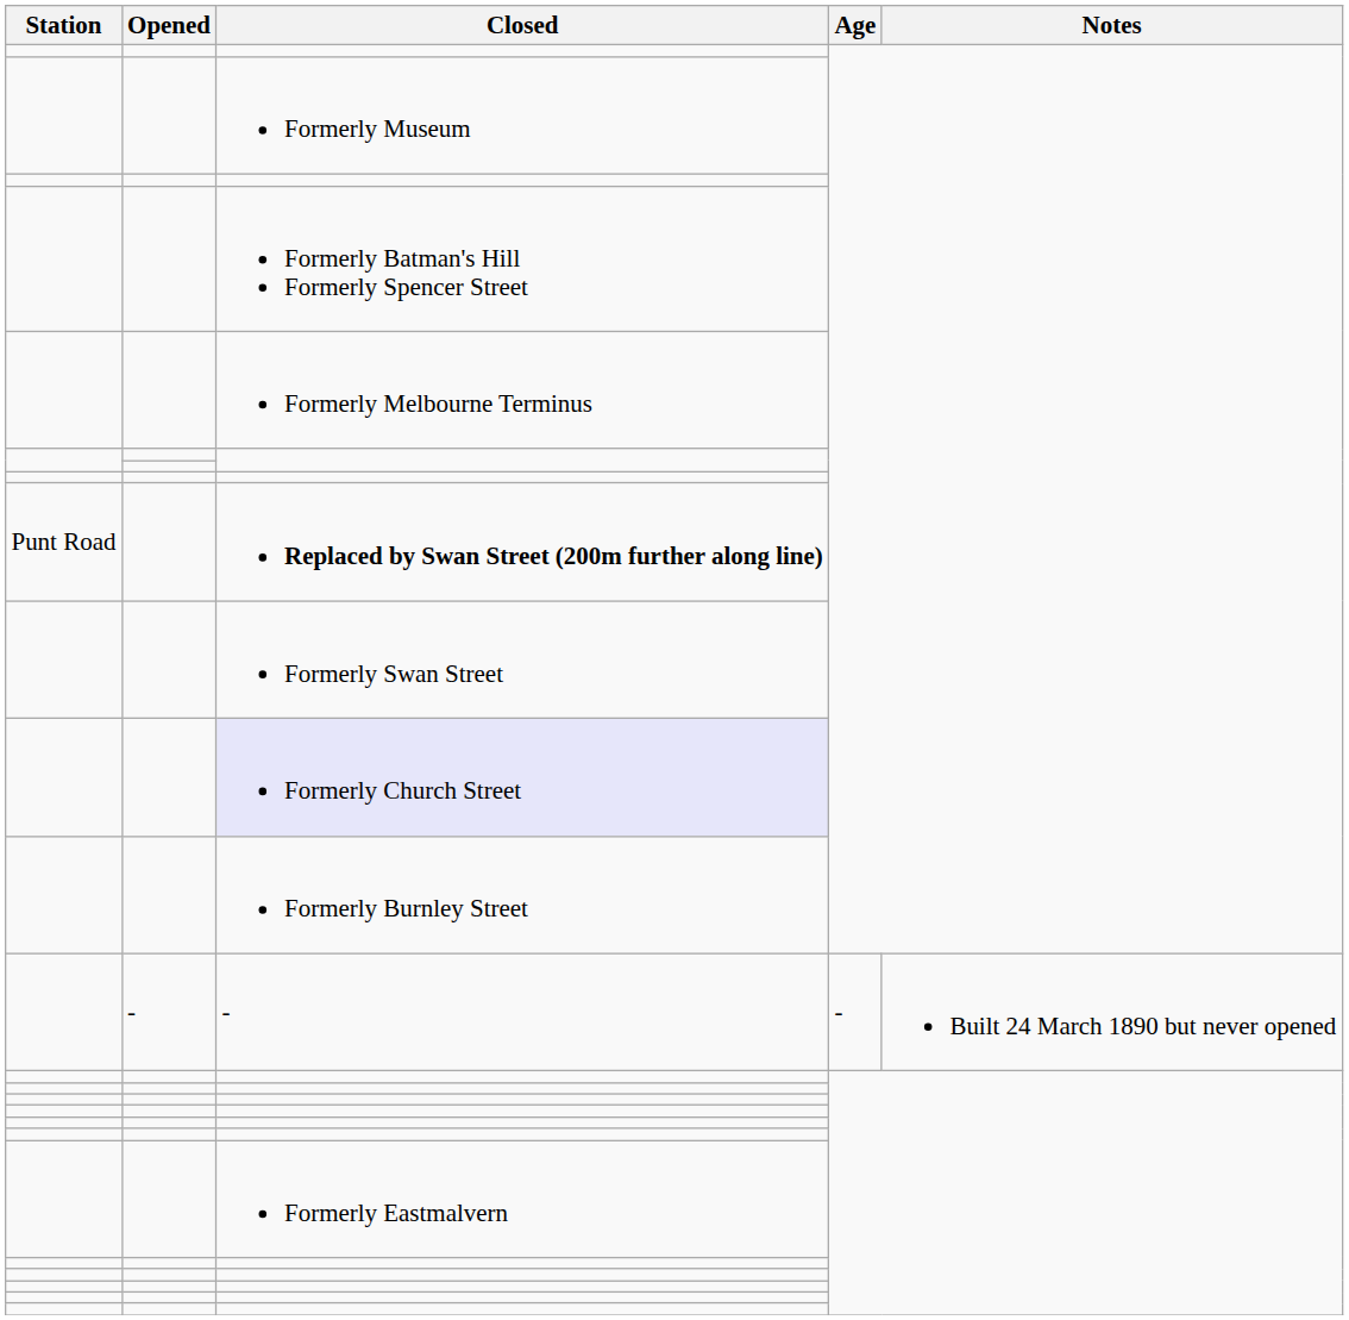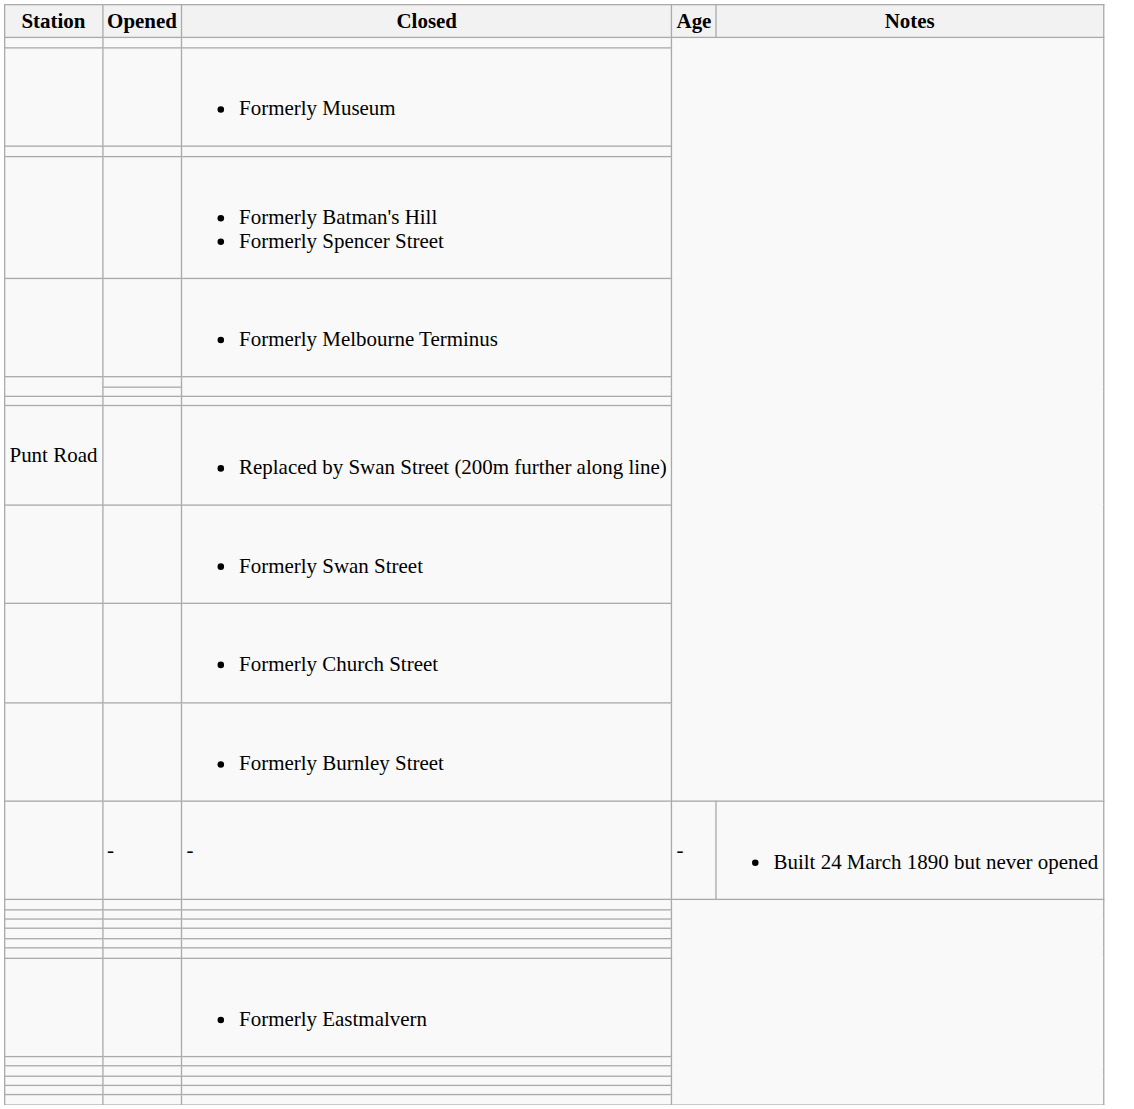 <table class="wikitable sortable mw-collapsible mw-collapsed">
 <tr>
 <th>Station</th>
 <th>Opened</th>
 <th>Closed</th>
 <th>Age</th>
 <th scope=col class=unsortable>Notes</th>
 </tr>
 <tr>
 <td></td>
 <td></td>
 <td></td>
 </tr>
 <tr>
 <td></td>
 <td></td>
 <td><br><ul><li>Formerly Museum</li></ul></td>
 </tr>
 <tr>
 <td></td>
 <td></td>
 <td></td>
 </tr>
 <tr>
 <td></td>
 <td></td>
 <td><br><ul><li>Formerly Batman's Hill</li><li>Formerly Spencer Street</li></ul></td>
 </tr>
 <tr>
 <td></td>
 <td></td>
 <td><br><ul><li>Formerly Melbourne Terminus</li></ul></td>
 </tr>
 <tr>
 <td rowspan="2"></td>
 <td></td>
 <td rowspan="2"></td>
 </tr>
 <tr>
 <td></td>
 </tr>
 <tr>
 <td></td>
 <td></td>
 <td></td>
 </tr>
 <tr>
 <td>Punt Road</td>
 <td></td>
-<td><strong><br><ul><li>Replaced by Swan Street (200m further along line)</li></ul></strong></td>
+<td><br><ul><li>Replaced by Swan Street (200m further along line)</li></ul></td>
 </tr>
 <tr>
 <td></td>
 <td></td>
 <td><br><ul><li>Formerly Swan Street</li></ul></td>
 </tr>
 <tr>
 <td></td>
 <td></td>
-<td style="background: lavender;"><br><ul><li>Formerly Church Street</li></ul></td>
+<td><br><ul><li>Formerly Church Street</li></ul></td>
 </tr>
 <tr>
 <td></td>
 <td></td>
 <td><br><ul><li>Formerly Burnley Street</li></ul></td>
 </tr>
 <tr>
 <td></td>
 <td>-</td>
 <td>-</td>
 <td>-</td>
 <td><br><ul><li>Built 24 March 1890 but never opened</li></ul></td>
 </tr>
 <tr>
 <td></td>
 <td></td>
 <td></td>
 </tr>
 <tr>
 <td></td>
 <td></td>
 <td></td>
 </tr>
 <tr>
 <td></td>
 <td></td>
 <td></td>
 </tr>
 <tr>
 <td></td>
 <td></td>
 <td></td>
 </tr>
 <tr>
 <td></td>
 <td></td>
 <td></td>
 </tr>
 <tr>
 <td></td>
 <td></td>
 <td></td>
 </tr>
 <tr>
 <td></td>
 <td></td>
 <td><br><ul><li>Formerly Eastmalvern</li></ul></td>
 </tr>
 <tr>
 <td></td>
 <td></td>
 <td></td>
 </tr>
 <tr>
 <td></td>
 <td></td>
 <td></td>
 </tr>
 <tr>
 <td></td>
 <td></td>
 <td></td>
 </tr>
 <tr>
 <td></td>
 <td></td>
 <td></td>
 </tr>
 <tr>
 <td></td>
 <td></td>
 <td></td>
 </tr>
 </table>
